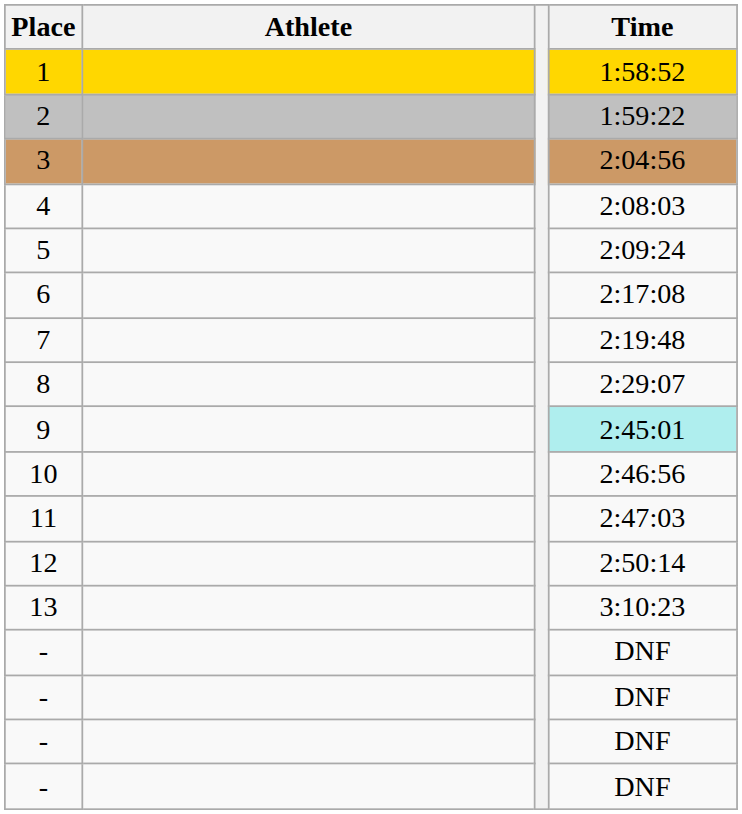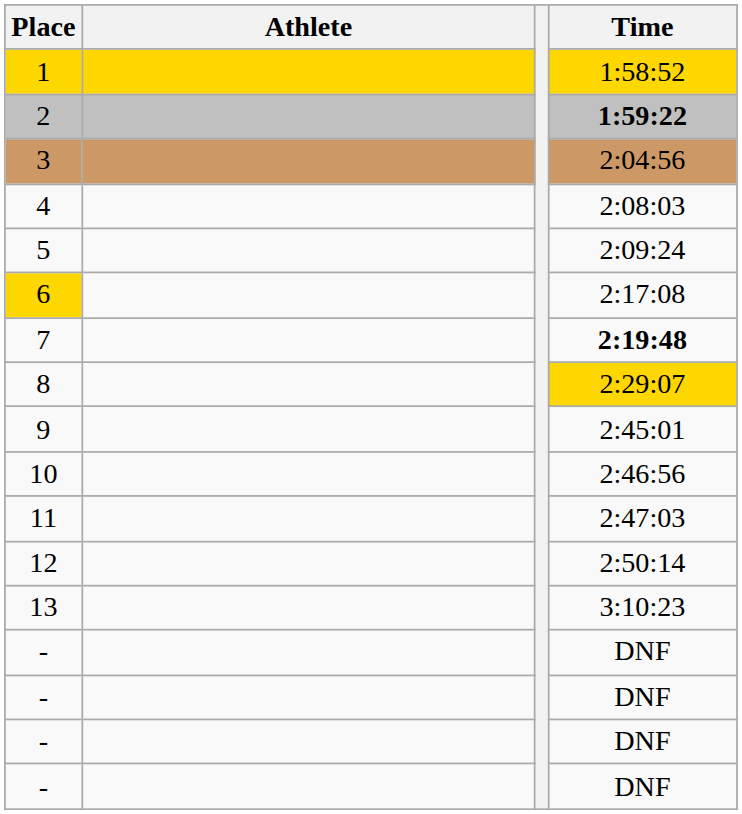 <table class="wikitable" style="text-align:center">
 <tr>
 <th>Place</th>
 <th width=250>Athlete</th>
 <th rowspan=27></th>
 <th width=100>Time</th>
 </tr>
 <tr bgcolor=gold>
 <td>1</td>
 <td align=left></td>
 <td>1:58:52</td>
 </tr>
 <tr bgcolor=silver>
 <td>2</td>
 <td align=left></td>
-<td>1:59:22</td>
+<td><strong>1:59:22</strong></td>
 </tr>
 <tr bgcolor=cc9966>
 <td>3</td>
 <td align=left></td>
 <td>2:04:56</td>
 </tr>
 <tr>
 <td>4</td>
 <td align=left></td>
 <td>2:08:03</td>
 </tr>
 <tr>
 <td>5</td>
 <td align=left></td>
 <td>2:09:24</td>
 </tr>
 <tr>
-<td>6</td>
+<td style="background: gold;">6</td>
 <td align=left></td>
 <td>2:17:08</td>
 </tr>
 <tr>
 <td>7</td>
 <td align=left></td>
-<td>2:19:48</td>
+<td><strong>2:19:48</strong></td>
 </tr>
 <tr>
 <td>8</td>
 <td align=left></td>
-<td>2:29:07</td>
+<td style="background: gold;">2:29:07</td>
 </tr>
 <tr>
 <td>9</td>
 <td align=left></td>
-<td style="background: paleturquoise;">2:45:01</td>
+<td>2:45:01</td>
 </tr>
 <tr>
 <td>10</td>
 <td align=left></td>
 <td>2:46:56</td>
 </tr>
 <tr>
 <td>11</td>
 <td align=left></td>
 <td>2:47:03</td>
 </tr>
 <tr>
 <td>12</td>
 <td align=left></td>
 <td>2:50:14</td>
 </tr>
 <tr>
 <td>13</td>
 <td align=left></td>
 <td>3:10:23</td>
 </tr>
 <tr>
 <td>-</td>
 <td align=left></td>
 <td>DNF</td>
 </tr>
 <tr>
 <td>-</td>
 <td align=left></td>
 <td>DNF</td>
 </tr>
 <tr>
 <td>-</td>
 <td align=left></td>
 <td>DNF</td>
 </tr>
 <tr>
 <td>-</td>
 <td align=left></td>
 <td>DNF</td>
 </tr>
 </table>
